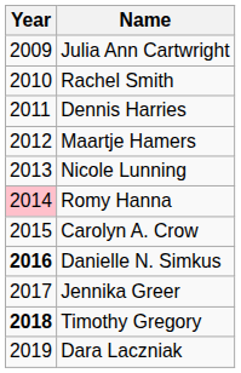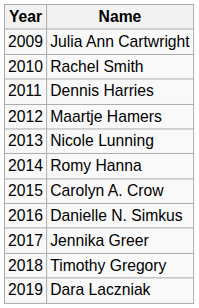 <table class="wikitable" align=center>
 <tr>
 <th>Year</th>
 <th>Name</th>
 </tr>
 <tr>
 <td>2009</td>
 <td>Julia Ann Cartwright</td>
 </tr>
 <tr>
 <td>2010</td>
 <td>Rachel Smith</td>
 </tr>
 <tr>
 <td>2011</td>
 <td>Dennis Harries</td>
 </tr>
 <tr>
 <td>2012</td>
 <td>Maartje Hamers</td>
 </tr>
 <tr>
 <td>2013</td>
 <td>Nicole Lunning</td>
 </tr>
 <tr>
-<td style="background: pink;">2014</td>
+<td>2014</td>
 <td>Romy Hanna</td>
 </tr>
 <tr>
 <td>2015</td>
 <td>Carolyn A. Crow</td>
 </tr>
 <tr>
-<td><strong>2016</strong></td>
+<td>2016</td>
 <td>Danielle N. Simkus</td>
 </tr>
 <tr>
 <td>2017</td>
 <td>Jennika Greer</td>
 </tr>
 <tr>
-<td><strong>2018</strong></td>
+<td>2018</td>
 <td>Timothy Gregory</td>
 </tr>
 <tr>
 <td>2019</td>
 <td>Dara Laczniak</td>
 </tr>
 </table>
